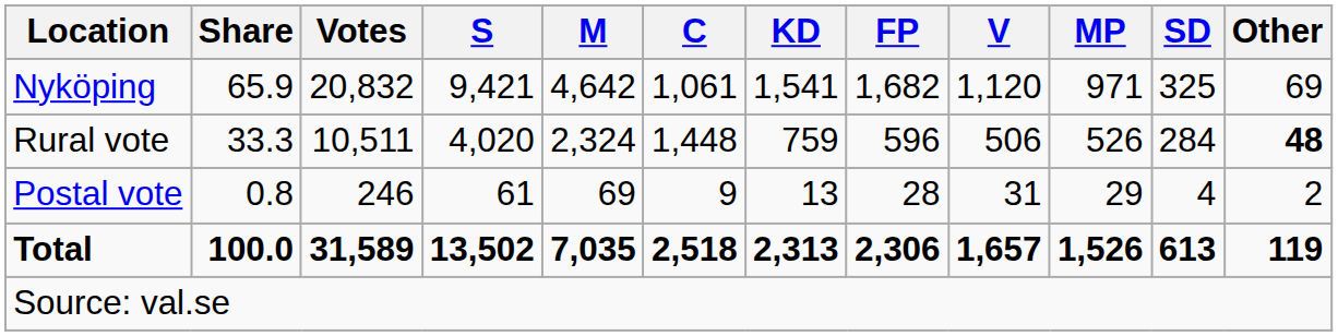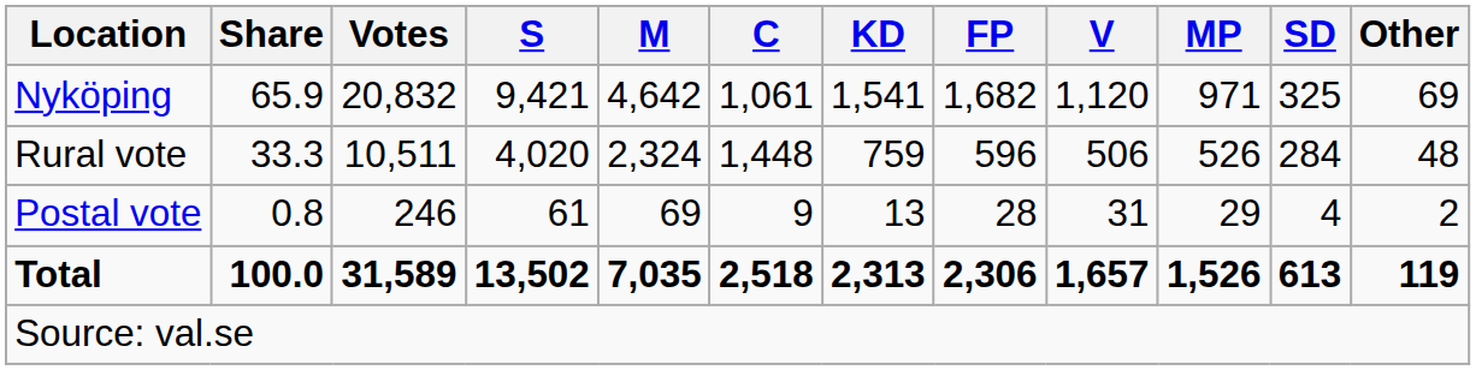 <table class="wikitable sortable" style=text-align:right>
 <tr>
 <th>Location</th>
 <th>Share</th>
 <th>Votes</th>
 <th><a href='#'>S</a></th>
 <th><a href='#'>M</a></th>
 <th><a href='#'>C</a></th>
 <th><a href='#'>KD</a></th>
 <th><a href='#'>FP</a></th>
 <th><a href='#'>V</a></th>
 <th><a href='#'>MP</a></th>
 <th><a href='#'>SD</a></th>
 <th>Other</th>
 </tr>
 <tr>
 <td align=left><a href='#'>Nyköping</a></td>
 <td>65.9</td>
 <td>20,832</td>
 <td>9,421</td>
 <td>4,642</td>
 <td>1,061</td>
 <td>1,541</td>
 <td>1,682</td>
 <td>1,120</td>
 <td>971</td>
 <td>325</td>
 <td>69</td>
 </tr>
 <tr>
 <td align=left>Rural vote</td>
 <td>33.3</td>
 <td>10,511</td>
 <td>4,020</td>
 <td>2,324</td>
 <td>1,448</td>
 <td>759</td>
 <td>596</td>
 <td>506</td>
 <td>526</td>
 <td>284</td>
-<td><strong>48</strong></td>
+<td>48</td>
 </tr>
 <tr>
 <td align=left><a href='#'>Postal vote</a></td>
 <td>0.8</td>
 <td>246</td>
 <td>61</td>
 <td>69</td>
 <td>9</td>
 <td>13</td>
 <td>28</td>
 <td>31</td>
 <td>29</td>
 <td>4</td>
 <td>2</td>
 </tr>
 <tr>
 <td align=left><strong>Total</strong></td>
 <td><strong>100.0</strong></td>
 <td><strong>31,589</strong></td>
 <td><strong>13,502</strong></td>
 <td><strong>7,035</strong></td>
 <td><strong>2,518</strong></td>
 <td><strong>2,313</strong></td>
 <td><strong>2,306</strong></td>
 <td><strong>1,657</strong></td>
 <td><strong>1,526</strong></td>
 <td><strong>613</strong></td>
 <td><strong>119</strong></td>
 </tr>
 <tr>
 <td align=left colspan=12>Source: val.se </td>
 </tr>
 </table>
